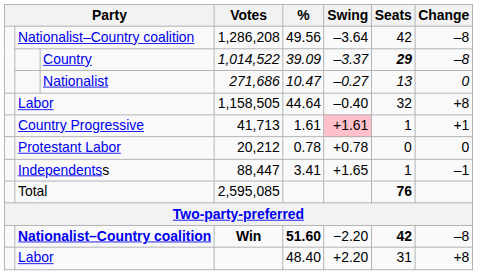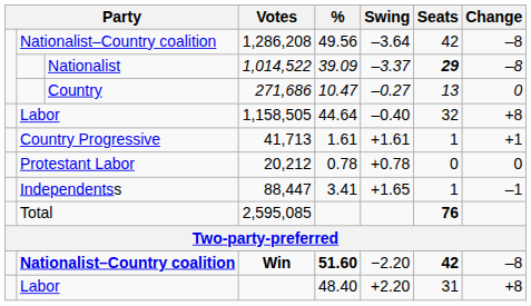 <table class="wikitable">
 <tr>
 <th colspan=3 style="width:180px">Party</th>
 <th style="width:70px">Votes</th>
 <th style="width:40px">%</th>
 <th style="width:40px">Swing</th>
 <th style="width:40px">Seats</th>
 <th style="width:40px">Change</th>
 </tr>
 <tr>
 <td rowspan=3> </td>
 <td colspan=2><a href='#'>Nationalist–Country coalition</a></td>
 <td align=right>1,286,208</td>
 <td align=right>49.56</td>
 <td align=right>–3.64</td>
 <td align=right>42</td>
 <td align=right>–8</td>
 </tr>
 <tr>
 <td> </td>
-<td><a href='#'>Country</a></td>
+<td><a href='#'>Nationalist</a></td>
 <td style="text-align:right"><em>1,014,522</em></td>
 <td style="text-align:right"><em>39.09</em></td>
 <td style="text-align:right"><em>–3.37</em></td>
 <td style="text-align:right"><strong><em>29</em></strong></td>
 <td style="text-align:right"><em>–8</em></td>
 </tr>
 <tr>
 <td> </td>
-<td><a href='#'>Nationalist</a></td>
+<td><a href='#'>Country</a></td>
 <td style="text-align:right"><em>271,686</em></td>
 <td style="text-align:right"><em>10.47</em></td>
 <td style="text-align:right"><em>–0.27</em></td>
 <td style="text-align:right"><em>13</em></td>
 <td style="text-align:right"><em>0</em></td>
 </tr>
 <tr>
 <td> </td>
 <td colspan=2><a href='#'>Labor</a></td>
 <td style="text-align:right">1,158,505</td>
 <td style="text-align:right">44.64</td>
 <td style="text-align:right">–0.40</td>
 <td style="text-align:right">32</td>
 <td style="text-align:right">+8</td>
 </tr>
 <tr>
 <td> </td>
 <td colspan=2><a href='#'>Country Progressive</a></td>
 <td style="text-align:right">41,713</td>
 <td style="text-align:right">1.61</td>
-<td style="background: pink; text-align:right">+1.61</td>
+<td style="text-align:right">+1.61</td>
 <td style="text-align:right">1</td>
 <td style="text-align:right">+1</td>
 </tr>
 <tr>
 <td> </td>
 <td colspan=2><a href='#'>Protestant Labor</a></td>
 <td style="text-align:right">20,212</td>
 <td style="text-align:right">0.78</td>
 <td style="text-align:right">+0.78</td>
 <td style="text-align:right">0</td>
 <td style="text-align:right">0</td>
 </tr>
 <tr>
 <td> </td>
 <td colspan=2><a href='#'>Independents</a>s</td>
 <td style="text-align:right">88,447</td>
 <td style="text-align:right">3.41</td>
 <td style="text-align:right">+1.65</td>
 <td style="text-align:right">1</td>
 <td style="text-align:right">–1</td>
 </tr>
 <tr>
 <td> </td>
 <td colspan=2>Total</td>
 <td style="text-align:right">2,595,085</td>
 <td style="text-align:right"> </td>
 <td style="text-align:right"> </td>
 <td style="text-align:right"><strong>76</strong></td>
 <td style="text-align:right"></td>
 </tr>
 <tr>
 <th colspan=8 align=center><a href='#'>Two-party-preferred</a> </th>
 </tr>
 <tr>
 <td> </td>
 <td colspan=2><strong><a href='#'>Nationalist–Country coalition</a></strong></td>
 <td style="text-align:center"><strong>Win</strong></td>
 <td style="text-align:right"><strong>51.60</strong></td>
 <td style="text-align:right">−2.20</td>
 <td style="text-align:right"><strong>42</strong></td>
 <td style="text-align:right">–8</td>
 </tr>
 <tr>
 <td> </td>
 <td colspan=2><a href='#'>Labor</a></td>
 <td style="text-align:center"></td>
 <td style="text-align:right">48.40</td>
 <td style="text-align:right">+2.20</td>
 <td style="text-align:right">31</td>
 <td style="text-align:right">+8</td>
 </tr>
 </table>
